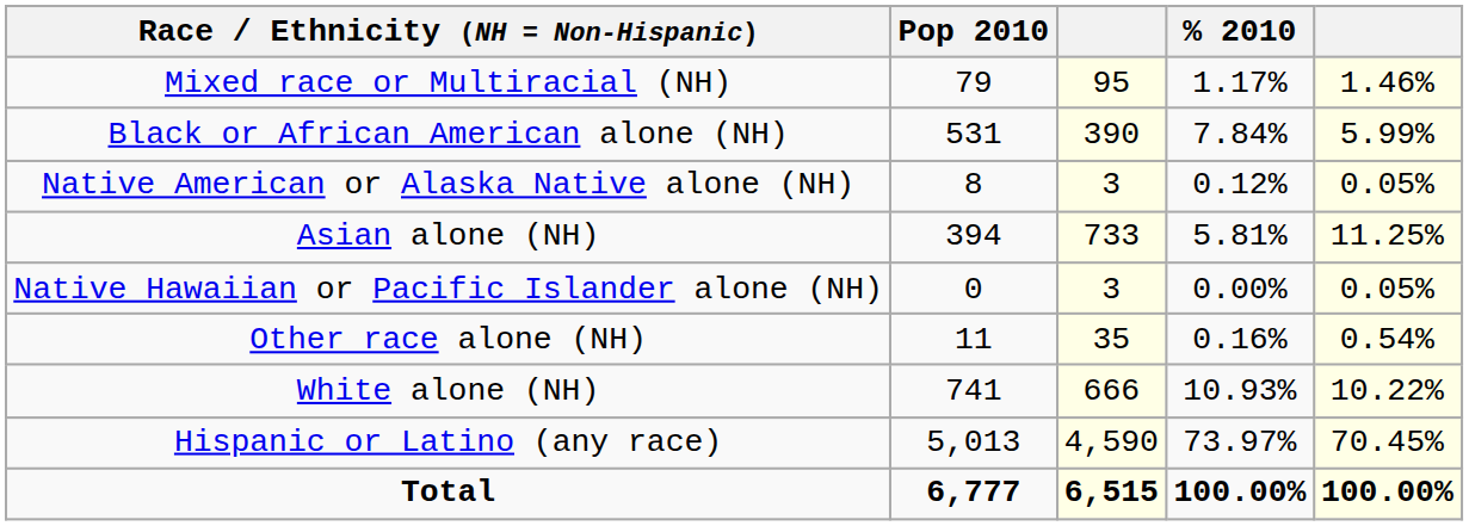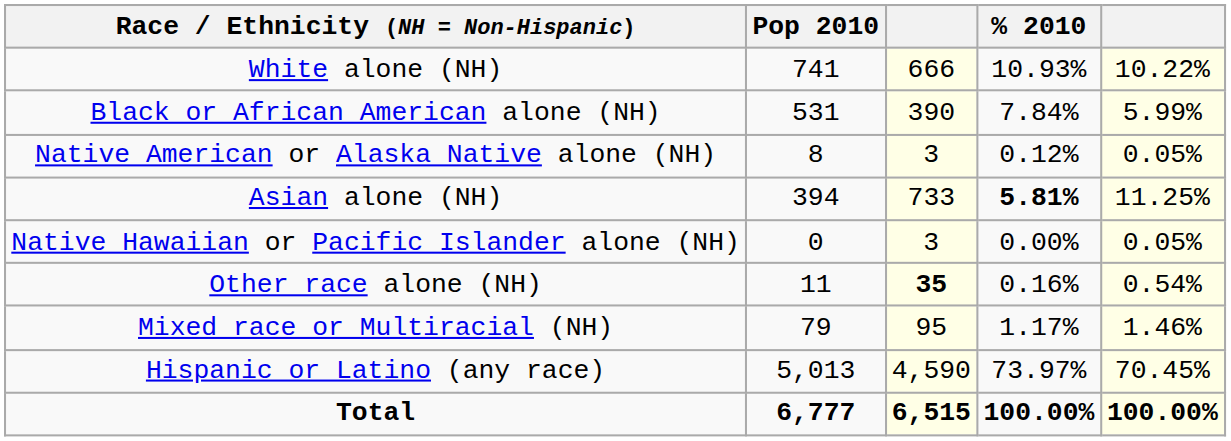 <table class="wikitable" style="text-align:center;">
 <tr>
 <th>Race / Ethnicity <small>(<em>NH = Non-Hispanic</em>)</small></th>
 <th>Pop 2010</th>
 <th></th>
 <th>% 2010</th>
 <th></th>
 </tr>
 <tr>
-<td><a href='#'>Mixed race or Multiracial</a> (NH)</td>
-<td>79</td>
-<td style='background: #ffffe6;'>95</td>
-<td>1.17%</td>
-<td style='background: #ffffe6;'>1.46%</td>
+<td><a href='#'>White</a> alone (NH)</td>
+<td>741</td>
+<td style='background: #ffffe6;'>666</td>
+<td>10.93%</td>
+<td style='background: #ffffe6;'>10.22%</td>
 </tr>
 <tr>
 <td><a href='#'>Black or African American</a> alone (NH)</td>
 <td>531</td>
 <td style='background: #ffffe6;'>390</td>
 <td>7.84%</td>
 <td style='background: #ffffe6;'>5.99%</td>
 </tr>
 <tr>
 <td><a href='#'>Native American</a> or <a href='#'>Alaska Native</a> alone (NH)</td>
 <td>8</td>
 <td style='background: #ffffe6;'>3</td>
 <td>0.12%</td>
 <td style='background: #ffffe6;'>0.05%</td>
 </tr>
 <tr>
 <td><a href='#'>Asian</a> alone (NH)</td>
 <td>394</td>
 <td style='background: #ffffe6;'>733</td>
-<td>5.81%</td>
+<td><strong>5.81%</strong></td>
 <td style='background: #ffffe6;'>11.25%</td>
 </tr>
 <tr>
 <td><a href='#'>Native Hawaiian</a> or <a href='#'>Pacific Islander</a> alone (NH)</td>
 <td>0</td>
 <td style='background: #ffffe6;'>3</td>
 <td>0.00%</td>
 <td style='background: #ffffe6;'>0.05%</td>
 </tr>
 <tr>
 <td><a href='#'>Other race</a> alone (NH)</td>
 <td>11</td>
-<td style='background: #ffffe6;'>35</td>
+<td style='background: #ffffe6;'><strong>35</strong></td>
 <td>0.16%</td>
 <td style='background: #ffffe6;'>0.54%</td>
 </tr>
 <tr>
-<td><a href='#'>White</a> alone (NH)</td>
-<td>741</td>
-<td style='background: #ffffe6;'>666</td>
-<td>10.93%</td>
-<td style='background: #ffffe6;'>10.22%</td>
+<td><a href='#'>Mixed race or Multiracial</a> (NH)</td>
+<td>79</td>
+<td style='background: #ffffe6;'>95</td>
+<td>1.17%</td>
+<td style='background: #ffffe6;'>1.46%</td>
 </tr>
 <tr>
 <td><a href='#'>Hispanic or Latino</a> (any race)</td>
 <td>5,013</td>
 <td style='background: #ffffe6;'>4,590</td>
 <td>73.97%</td>
 <td style='background: #ffffe6;'>70.45%</td>
 </tr>
 <tr>
 <td><strong>Total</strong></td>
 <td><strong>6,777</strong></td>
 <td style='background: #ffffe6;'><strong>6,515</strong></td>
 <td><strong>100.00%</strong></td>
 <td style='background: #ffffe6;'><strong>100.00%</strong></td>
 </tr>
 </table>
